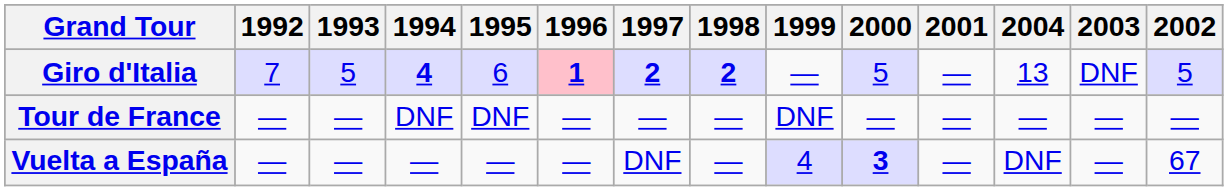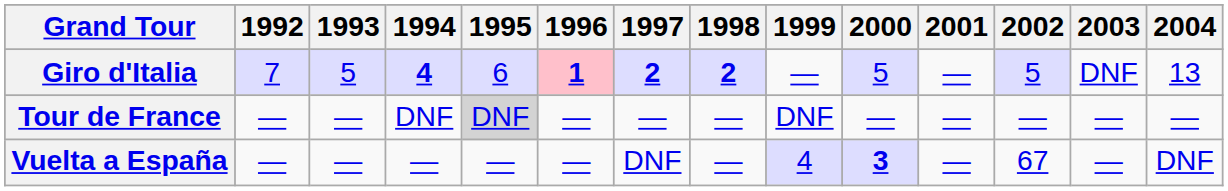 <table class="wikitable plainrowheaders">
 <tr>
 <th scope="col"><a href='#'>Grand Tour</a></th>
 <th scope="col">1992</th>
 <th scope="col">1993</th>
 <th scope="col">1994</th>
 <th scope="col">1995</th>
 <th scope="col">1996</th>
 <th scope="col">1997</th>
 <th scope="col">1998</th>
 <th scope="col">1999</th>
 <th scope="col">2000</th>
 <th scope="col">2001</th>
+<th scope="col">2002</th>
+<th scope="col">2003</th>
 <th scope="col">2004</th>
-<th scope="col">2003</th>
-<th scope="col">2002</th>
 </tr>
 <tr style="text-align:center;">
 <th scope="row"> <a href='#'>Giro d'Italia</a></th>
 <td style="background:#ddf;"><a href='#'>7</a></td>
 <td style="background:#ddf;"><a href='#'>5</a></td>
 <td style="background:#ddf;"><strong><a href='#'>4</a></strong></td>
 <td style="background:#ddf;"><a href='#'>6</a></td>
 <td style="background:pink"><a href='#'><strong>1</strong></a></td>
 <td style="background:#ddf;"><a href='#'><strong>2</strong></a></td>
 <td style="background:#ddf;"><a href='#'><strong>2</strong></a></td>
 <td><a href='#'>—</a></td>
 <td style="background:#ddf;"><a href='#'>5</a></td>
 <td><a href='#'>—</a></td>
+<td style="background:#ddf;"><a href='#'>5</a></td>
+<td><a href='#'>DNF</a></td>
 <td><a href='#'>13</a></td>
-<td><a href='#'>DNF</a></td>
-<td style="background:#ddf;"><a href='#'>5</a></td>
 </tr>
 <tr style="text-align:center;">
 <th scope="row"> <a href='#'>Tour de France</a></th>
 <td><a href='#'>—</a></td>
 <td><a href='#'>—</a></td>
 <td><a href='#'>DNF</a></td>
-<td><a href='#'>DNF</a></td>
+<td style="background: lightgrey;"><a href='#'>DNF</a></td>
 <td><a href='#'>—</a></td>
 <td><a href='#'>—</a></td>
 <td><a href='#'>—</a></td>
 <td><a href='#'>DNF</a></td>
 <td><a href='#'>—</a></td>
 <td><a href='#'>—</a></td>
 <td><a href='#'>—</a></td>
 <td><a href='#'>—</a></td>
 <td><a href='#'>—</a></td>
 </tr>
 <tr style="text-align:center;">
 <th scope="row"> <a href='#'>Vuelta a España</a></th>
 <td><a href='#'>—</a></td>
 <td><a href='#'>—</a></td>
 <td><a href='#'>—</a></td>
 <td><a href='#'>—</a></td>
 <td><a href='#'>—</a></td>
 <td><a href='#'>DNF</a></td>
 <td><a href='#'>—</a></td>
 <td style="background:#ddf;"><a href='#'>4</a></td>
 <td style="background:#ddf;"><a href='#'><strong>3</strong></a></td>
 <td><a href='#'>—</a></td>
+<td><a href='#'>67</a></td>
+<td><a href='#'>—</a></td>
 <td><a href='#'>DNF</a></td>
-<td><a href='#'>—</a></td>
-<td><a href='#'>67</a></td>
 </tr>
 </table>
